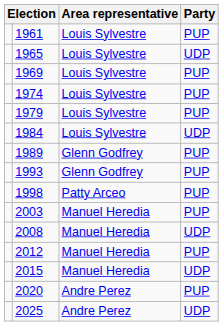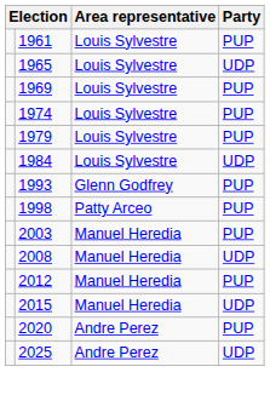 <table class="wikitable">
 <tr>
 <th colspan="2">Election</th>
 <th>Area representative</th>
 <th>Party</th>
 </tr>
 <tr>
 <td style="background-color: "></td>
 <td><a href='#'>1961</a></td>
 <td><a href='#'>Louis Sylvestre</a></td>
 <td><a href='#'>PUP</a></td>
 </tr>
 <tr>
 <td style="background-color: "></td>
 <td><a href='#'>1965</a></td>
 <td><a href='#'>Louis Sylvestre</a></td>
 <td><a href='#'>UDP</a></td>
 </tr>
 <tr>
 <td style="background-color: "></td>
 <td><a href='#'>1969</a></td>
 <td><a href='#'>Louis Sylvestre</a></td>
 <td><a href='#'>PUP</a></td>
 </tr>
 <tr>
 <td style="background-color: "></td>
 <td><a href='#'>1974</a></td>
 <td><a href='#'>Louis Sylvestre</a></td>
 <td><a href='#'>PUP</a></td>
 </tr>
 <tr>
 <td style="background-color: "></td>
 <td><a href='#'>1979</a></td>
 <td><a href='#'>Louis Sylvestre</a></td>
 <td><a href='#'>PUP</a></td>
 </tr>
 <tr>
 <td style="background-color: "></td>
 <td><a href='#'>1984</a></td>
 <td><a href='#'>Louis Sylvestre</a></td>
 <td><a href='#'>UDP</a></td>
-</tr>
-<tr>
-<td style="background-color: "></td>
-<td><a href='#'>1989</a></td>
-<td><a href='#'>Glenn Godfrey</a></td>
-<td><a href='#'>PUP</a></td>
 </tr>
 <tr>
 <td style="background-color: "></td>
 <td><a href='#'>1993</a></td>
 <td><a href='#'>Glenn Godfrey</a></td>
 <td><a href='#'>PUP</a></td>
 </tr>
 <tr>
 <td style="background-color: "></td>
 <td><a href='#'>1998</a></td>
 <td><a href='#'>Patty Arceo</a></td>
 <td><a href='#'>PUP</a></td>
 </tr>
 <tr>
 <td style="background-color: "></td>
 <td><a href='#'>2003</a></td>
 <td><a href='#'>Manuel Heredia</a></td>
 <td><a href='#'>PUP</a></td>
 </tr>
 <tr>
 <td style="background-color: "></td>
 <td><a href='#'>2008</a></td>
 <td><a href='#'>Manuel Heredia</a></td>
 <td><a href='#'>UDP</a></td>
 </tr>
 <tr>
 <td style="background-color: "></td>
 <td><a href='#'>2012</a></td>
 <td><a href='#'>Manuel Heredia</a></td>
 <td><a href='#'>PUP</a></td>
 </tr>
 <tr>
 <td style="background-color: "></td>
 <td><a href='#'>2015</a></td>
 <td><a href='#'>Manuel Heredia</a></td>
 <td><a href='#'>UDP</a></td>
 </tr>
 <tr>
 <td style="background-color: "></td>
 <td><a href='#'>2020</a></td>
 <td><a href='#'>Andre Perez</a></td>
 <td><a href='#'>PUP</a></td>
 </tr>
 <tr>
 <td style="background-color: "></td>
 <td><a href='#'>2025</a></td>
 <td><a href='#'>Andre Perez</a></td>
 <td><a href='#'>UDP</a></td>
 </tr>
 </table>
